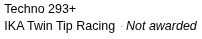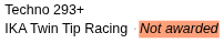 <table>
 <tr>
 <td>Techno 293+<br></td>
 <td></td>
 <td></td>
 <td></td>
 </tr>
 <tr>
 <td>IKA Twin Tip Racing<br></td>
 <td></td>
 <td><hr></td>
-<td><em>Not awarded</em></td>
+<td style="background: lightsalmon;"><em>Not awarded</em></td>
 </tr>
 </table>
